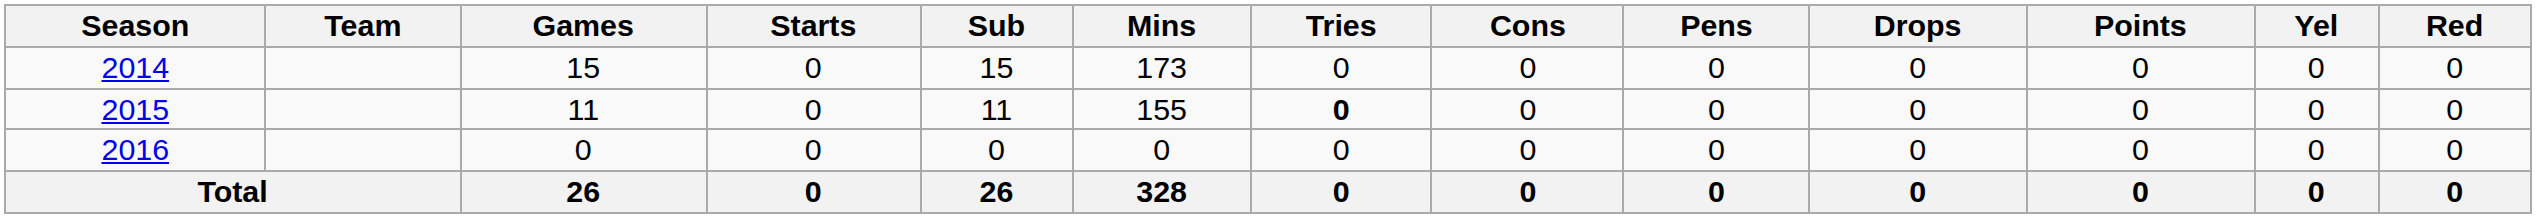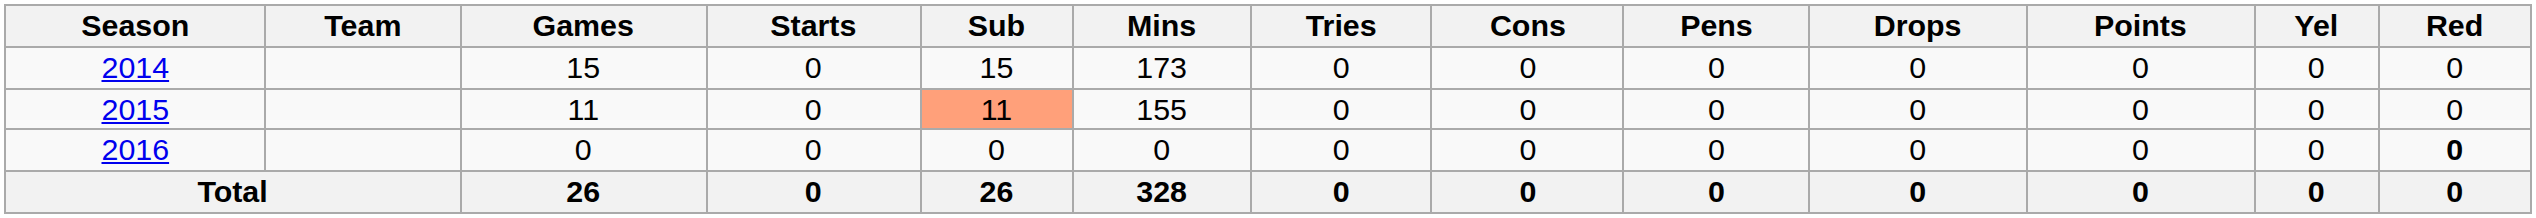 <table class="wikitable" style="text-align:center; line-height:90%; font-size:95%; width:100%;">
 <tr>
 <th>Season</th>
 <th>Team</th>
 <th>Games</th>
 <th>Starts</th>
 <th>Sub</th>
 <th>Mins</th>
 <th>Tries</th>
 <th>Cons</th>
 <th>Pens</th>
 <th>Drops</th>
 <th>Points</th>
 <th>Yel</th>
 <th>Red</th>
 </tr>
 <tr>
 <td><a href='#'>2014</a></td>
 <td></td>
 <td>15</td>
 <td>0</td>
 <td>15</td>
 <td>173</td>
 <td>0</td>
 <td>0</td>
 <td>0</td>
 <td>0</td>
 <td>0</td>
 <td>0</td>
 <td>0</td>
 </tr>
 <tr>
 <td><a href='#'>2015</a></td>
 <td></td>
 <td>11</td>
 <td>0</td>
-<td>11</td>
+<td style="background: lightsalmon;">11</td>
 <td>155</td>
-<td><strong>0</strong></td>
+<td>0</td>
 <td>0</td>
 <td>0</td>
 <td>0</td>
 <td>0</td>
 <td>0</td>
 <td>0</td>
 </tr>
 <tr>
 <td><a href='#'>2016</a></td>
 <td></td>
 <td>0</td>
 <td>0</td>
 <td>0</td>
 <td>0</td>
 <td>0</td>
 <td>0</td>
 <td>0</td>
 <td>0</td>
 <td>0</td>
 <td>0</td>
-<td>0</td>
+<td><strong>0</strong></td>
 </tr>
 <tr>
 <th colspan="2">Total</th>
 <th>26</th>
 <th>0</th>
 <th>26</th>
 <th>328</th>
 <th>0</th>
 <th>0</th>
 <th>0</th>
 <th>0</th>
 <th>0</th>
 <th>0</th>
 <th>0</th>
 </tr>
 </table>
